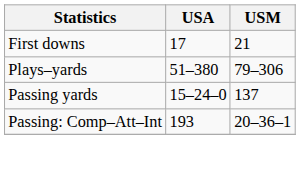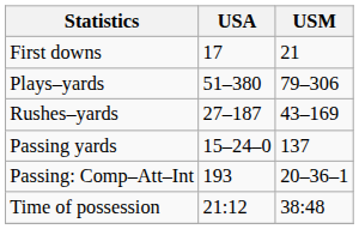 <table class="wikitable" style="float: left;">
 <tr>
 <th>Statistics</th>
 <th>USA</th>
 <th>USM</th>
 </tr>
 <tr>
 <td>First downs</td>
 <td>17</td>
 <td>21</td>
 </tr>
 <tr>
 <td>Plays–yards</td>
 <td>51–380</td>
 <td>79–306</td>
 </tr>
 <tr>
+<td>Rushes–yards</td>
+<td>27–187</td>
+<td>43–169</td>
+</tr>
+<tr>
 <td>Passing yards</td>
 <td>15–24–0</td>
 <td>137</td>
 </tr>
 <tr>
 <td>Passing: Comp–Att–Int</td>
 <td>193</td>
 <td>20–36–1</td>
 </tr>
 <tr>
+<td>Time of possession</td>
+<td>21:12</td>
+<td>38:48</td>
+</tr>
+<tr>
 </tr>
 </table>
